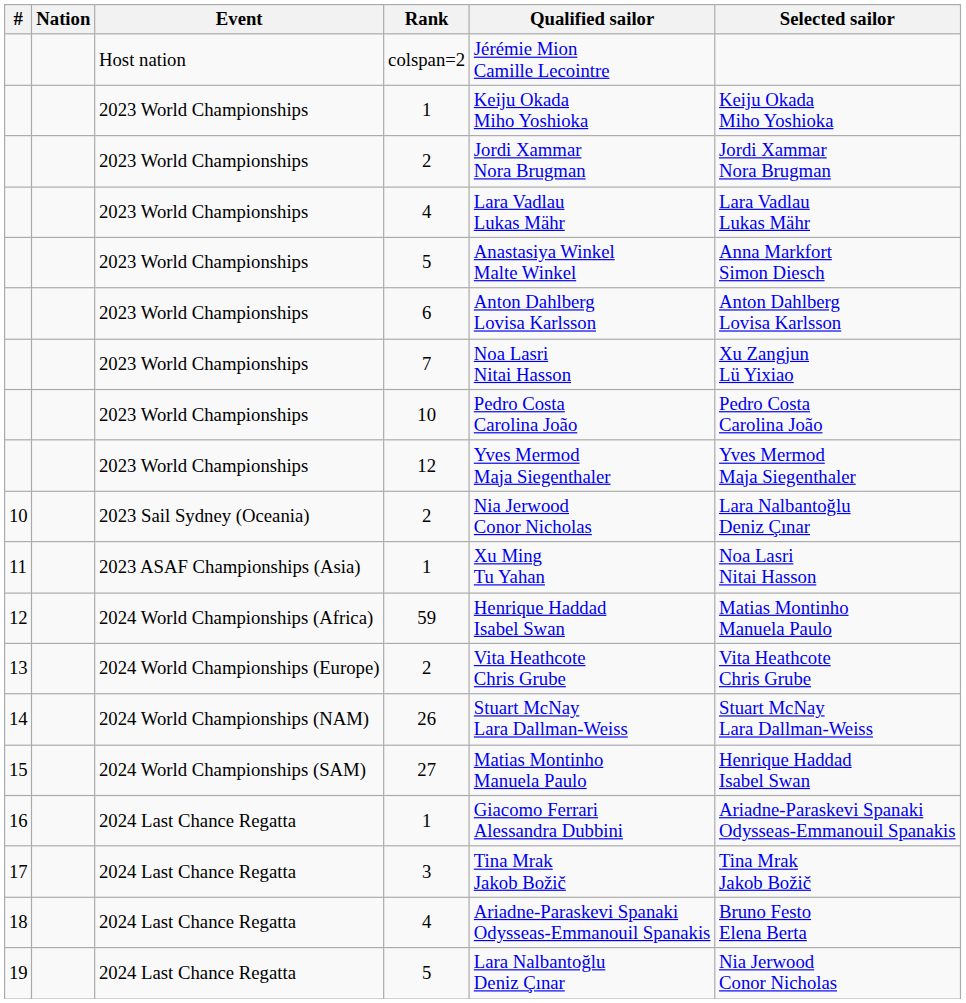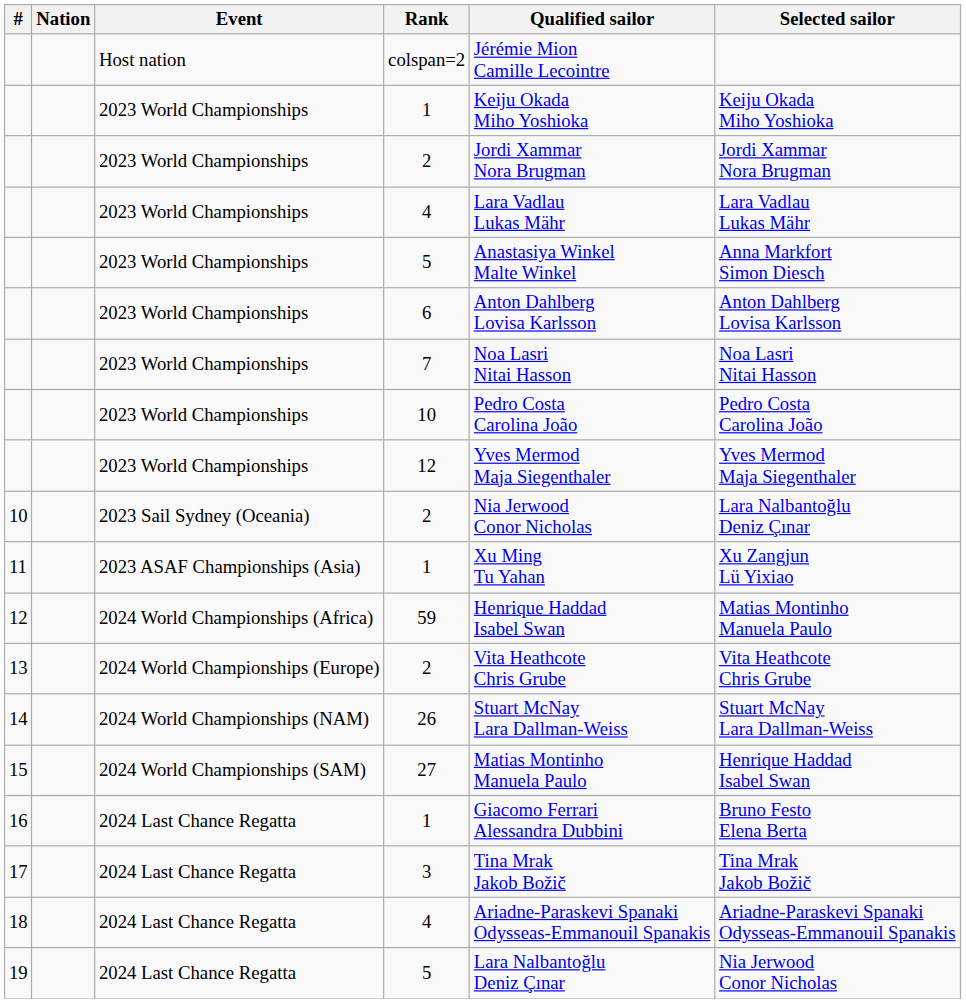 <table class="sortable wikitable">
 <tr>
 <th>#</th>
 <th>Nation</th>
 <th>Event</th>
 <th>Rank</th>
 <th>Qualified sailor</th>
 <th>Selected sailor</th>
 </tr>
 <tr>
 <td></td>
 <td></td>
 <td>Host nation</td>
 <td>colspan=2 </td>
 <td><a href='#'>Jérémie Mion</a><br><a href='#'>Camille Lecointre</a></td>
 </tr>
 <tr>
 <td></td>
 <td></td>
 <td>2023 World Championships</td>
 <td align=center>1</td>
 <td><a href='#'>Keiju Okada</a><br><a href='#'>Miho Yoshioka</a></td>
 <td><a href='#'>Keiju Okada</a><br><a href='#'>Miho Yoshioka</a></td>
 </tr>
 <tr>
 <td></td>
 <td></td>
 <td>2023 World Championships</td>
 <td align=center>2</td>
 <td><a href='#'>Jordi Xammar</a><br><a href='#'>Nora Brugman</a></td>
 <td><a href='#'>Jordi Xammar</a><br><a href='#'>Nora Brugman</a></td>
 </tr>
 <tr>
 <td></td>
 <td></td>
 <td>2023 World Championships</td>
 <td align=center>4</td>
 <td><a href='#'>Lara Vadlau</a><br><a href='#'>Lukas Mähr</a></td>
 <td><a href='#'>Lara Vadlau</a><br><a href='#'>Lukas Mähr</a></td>
 </tr>
 <tr>
 <td></td>
 <td></td>
 <td>2023 World Championships</td>
 <td align=center>5</td>
 <td><a href='#'>Anastasiya Winkel</a><br><a href='#'>Malte Winkel</a></td>
 <td><a href='#'>Anna Markfort</a><br><a href='#'>Simon Diesch</a></td>
 </tr>
 <tr>
 <td></td>
 <td></td>
 <td>2023 World Championships</td>
 <td align=center>6</td>
 <td><a href='#'>Anton Dahlberg</a><br><a href='#'>Lovisa Karlsson</a></td>
 <td><a href='#'>Anton Dahlberg</a><br><a href='#'>Lovisa Karlsson</a></td>
 </tr>
 <tr>
 <td></td>
 <td></td>
 <td>2023 World Championships</td>
 <td align=center>7</td>
 <td><a href='#'>Noa Lasri</a><br><a href='#'>Nitai Hasson</a></td>
-<td><a href='#'>Xu Zangjun</a><br><a href='#'>Lü Yixiao</a></td>
+<td><a href='#'>Noa Lasri</a><br><a href='#'>Nitai Hasson</a></td>
 </tr>
 <tr>
 <td></td>
 <td></td>
 <td>2023 World Championships</td>
 <td align=center>10</td>
 <td><a href='#'>Pedro Costa</a><br><a href='#'>Carolina João</a></td>
 <td><a href='#'>Pedro Costa</a><br><a href='#'>Carolina João</a></td>
 </tr>
 <tr>
 <td></td>
 <td></td>
 <td>2023 World Championships</td>
 <td align=center>12</td>
 <td><a href='#'>Yves Mermod</a><br><a href='#'>Maja Siegenthaler</a></td>
 <td><a href='#'>Yves Mermod</a><br><a href='#'>Maja Siegenthaler</a></td>
 </tr>
 <tr>
 <td>10</td>
 <td></td>
 <td>2023 Sail Sydney (Oceania)</td>
 <td align=center>2</td>
 <td><a href='#'>Nia Jerwood</a><br><a href='#'>Conor Nicholas</a></td>
 <td><a href='#'>Lara Nalbantoğlu</a><br><a href='#'>Deniz Çınar</a></td>
 </tr>
 <tr>
 <td>11</td>
 <td></td>
 <td>2023 ASAF Championships (Asia)</td>
 <td align=center>1</td>
 <td><a href='#'>Xu Ming</a><br><a href='#'>Tu Yahan</a></td>
-<td><a href='#'>Noa Lasri</a><br><a href='#'>Nitai Hasson</a></td>
+<td><a href='#'>Xu Zangjun</a><br><a href='#'>Lü Yixiao</a></td>
 </tr>
 <tr>
 <td>12</td>
 <td></td>
 <td>2024 World Championships (Africa)</td>
 <td align=center>59</td>
 <td><a href='#'>Henrique Haddad</a><br><a href='#'>Isabel Swan</a></td>
 <td><a href='#'>Matias Montinho</a><br><a href='#'>Manuela Paulo</a></td>
 </tr>
 <tr>
 <td>13</td>
 <td></td>
 <td>2024 World Championships (Europe)</td>
 <td align=center>2</td>
 <td><a href='#'>Vita Heathcote</a><br><a href='#'>Chris Grube</a></td>
 <td><a href='#'>Vita Heathcote</a><br><a href='#'>Chris Grube</a></td>
 </tr>
 <tr>
 <td>14</td>
 <td></td>
 <td>2024 World Championships (NAM)</td>
 <td align=center>26</td>
 <td><a href='#'>Stuart McNay</a><br><a href='#'>Lara Dallman-Weiss</a></td>
 <td><a href='#'>Stuart McNay</a><br><a href='#'>Lara Dallman-Weiss</a></td>
 </tr>
 <tr>
 <td>15</td>
 <td></td>
 <td>2024 World Championships (SAM)</td>
 <td align=center>27</td>
 <td><a href='#'>Matias Montinho</a><br><a href='#'>Manuela Paulo</a></td>
 <td><a href='#'>Henrique Haddad</a><br><a href='#'>Isabel Swan</a></td>
 </tr>
 <tr>
 <td>16</td>
 <td></td>
 <td>2024 Last Chance Regatta</td>
 <td align=center>1</td>
 <td><a href='#'>Giacomo Ferrari</a><br><a href='#'>Alessandra Dubbini</a></td>
-<td><a href='#'>Ariadne-Paraskevi Spanaki</a><br><a href='#'>Odysseas-Emmanouil Spanakis</a></td>
+<td><a href='#'>Bruno Festo</a><br><a href='#'>Elena Berta</a></td>
 </tr>
 <tr>
 <td>17</td>
 <td></td>
 <td>2024 Last Chance Regatta</td>
 <td align=center>3</td>
 <td><a href='#'>Tina Mrak</a><br><a href='#'>Jakob Božič</a></td>
 <td><a href='#'>Tina Mrak</a><br><a href='#'>Jakob Božič</a></td>
 </tr>
 <tr>
 <td>18</td>
 <td></td>
 <td>2024 Last Chance Regatta</td>
 <td align=center>4</td>
 <td><a href='#'>Ariadne-Paraskevi Spanaki</a><br><a href='#'>Odysseas-Emmanouil Spanakis</a></td>
-<td><a href='#'>Bruno Festo</a><br><a href='#'>Elena Berta</a></td>
+<td><a href='#'>Ariadne-Paraskevi Spanaki</a><br><a href='#'>Odysseas-Emmanouil Spanakis</a></td>
 </tr>
 <tr>
 <td>19</td>
 <td></td>
 <td>2024 Last Chance Regatta</td>
 <td align=center>5</td>
 <td><a href='#'>Lara Nalbantoğlu</a><br><a href='#'>Deniz Çınar</a></td>
 <td><a href='#'>Nia Jerwood</a><br><a href='#'>Conor Nicholas</a></td>
 </tr>
 </table>
